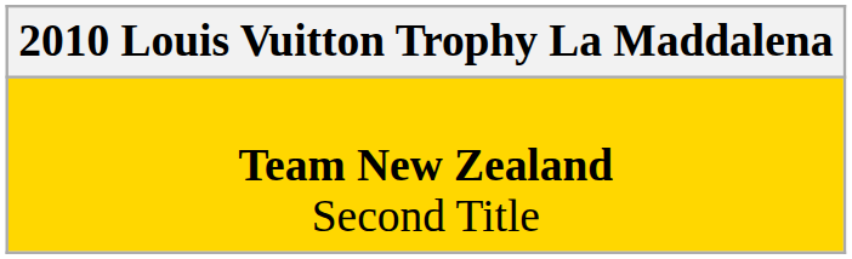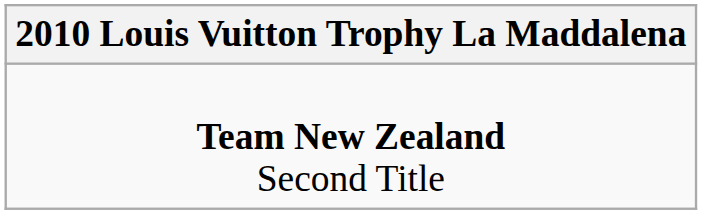 <table class="wikitable" style="text-align: center; margin: 0 auto;">
 <tr>
 <th>2010 Louis Vuitton Trophy La Maddalena</th>
 </tr>
 <tr>
-<td style="background: gold;"><br><strong>Team New Zealand</strong><br>Second Title</td>
+<td><br><strong>Team New Zealand</strong><br>Second Title</td>
 </tr>
 </table>
